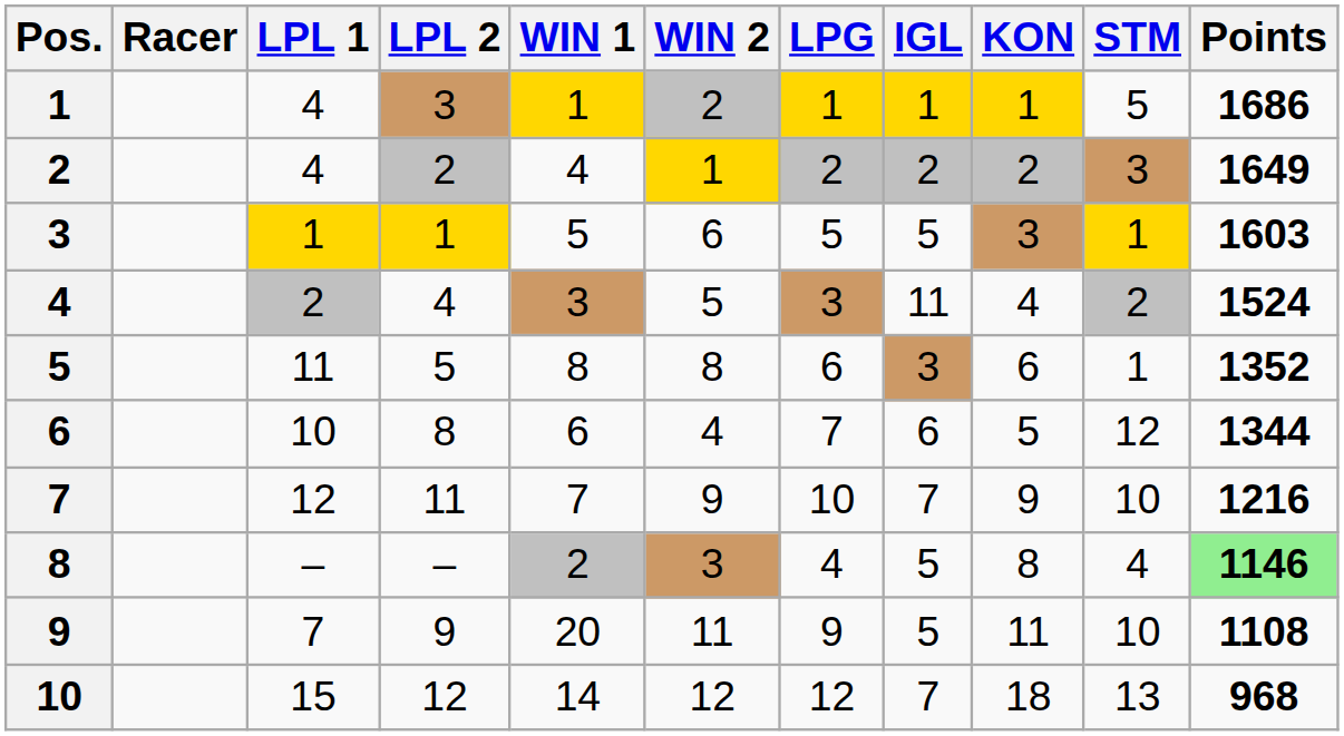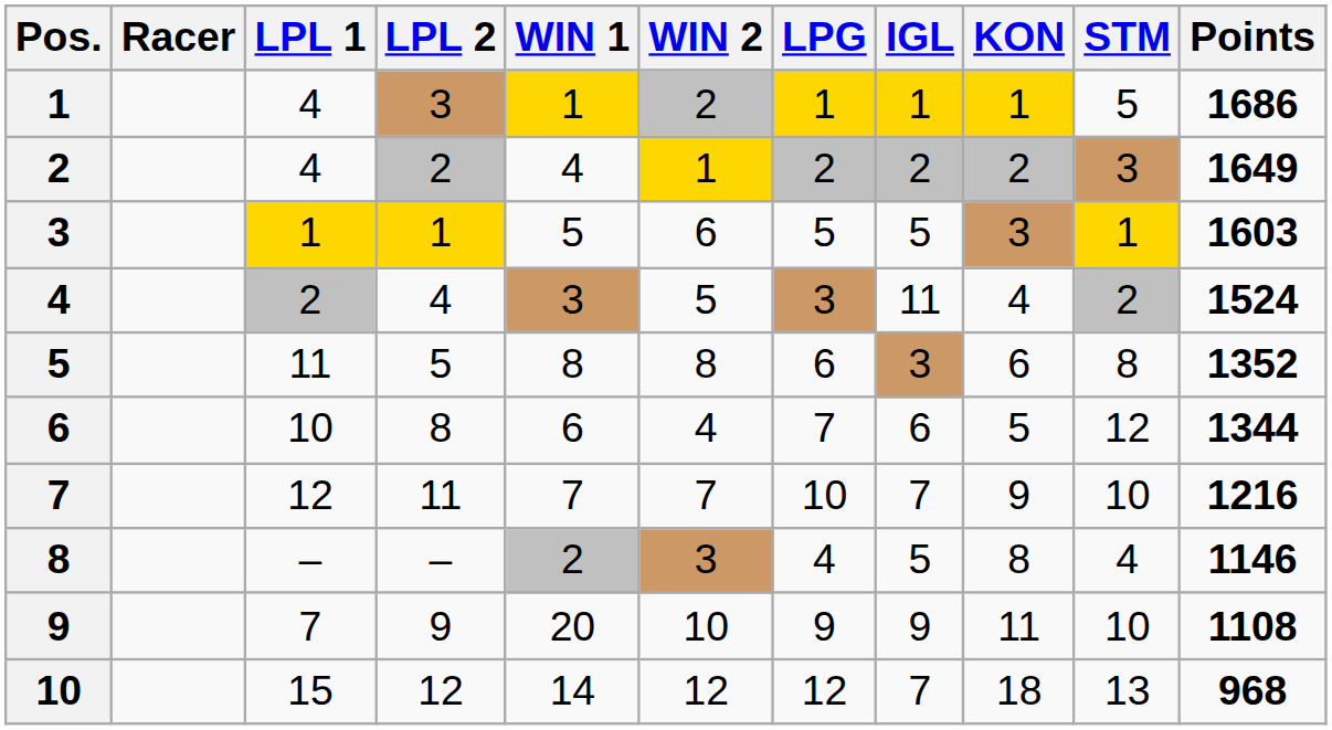 <table class="wikitable sortable plainrowheaders" style="text-align:center;">
 <tr>
 <th scope="col">Pos.</th>
 <th scope="col">Racer</th>
 <th scope="col"> <a href='#'>LPL</a> 1</th>
 <th scope="col"> <a href='#'>LPL</a> 2</th>
 <th scope="col"> <a href='#'>WIN</a> 1</th>
 <th scope="col"> <a href='#'>WIN</a> 2</th>
 <th scope="col"> <a href='#'>LPG</a></th>
 <th scope="col"> <a href='#'>IGL</a></th>
 <th scope="col"> <a href='#'>KON</a></th>
 <th scope="col"> <a href='#'>STM</a></th>
 <th style="width:45px;">Points</th>
 </tr>
 <tr>
 <th style="text-align:center;">1</th>
 <td align="left"></td>
 <td>4</td>
 <td style="background:#c96;">3</td>
 <td style="background:gold;">1</td>
 <td style="background:silver;">2</td>
 <td style="background:gold;">1</td>
 <td style="background:gold;">1</td>
 <td style="background:gold;">1</td>
 <td>5</td>
 <td><strong>1686</strong></td>
 </tr>
 <tr>
 <th style="text-align:center;">2</th>
 <td align="left"></td>
 <td>4</td>
 <td style="background:silver;">2</td>
 <td>4</td>
 <td style="background:gold;">1</td>
 <td style="background:silver;">2</td>
 <td style="background:silver;">2</td>
 <td style="background:silver;">2</td>
 <td style="background:#c96;">3</td>
 <td><strong>1649</strong></td>
 </tr>
 <tr>
 <th style="text-align:center;">3</th>
 <td align="left"></td>
 <td style="background:gold;">1</td>
 <td style="background:gold;">1</td>
 <td>5</td>
 <td>6</td>
 <td>5</td>
 <td>5</td>
 <td style="background:#c96;">3</td>
 <td style="background:gold;">1</td>
 <td><strong>1603</strong></td>
 </tr>
 <tr>
 <th style="text-align:center;">4</th>
 <td align="left"></td>
 <td style="background:silver;">2</td>
 <td>4</td>
 <td style="background:#c96;">3</td>
 <td>5</td>
 <td style="background:#c96;">3</td>
 <td>11</td>
 <td>4</td>
 <td style="background:silver;">2</td>
 <td><strong>1524</strong></td>
 </tr>
 <tr>
 <th style="text-align:center;">5</th>
 <td align="left"></td>
 <td>11</td>
 <td>5</td>
 <td>8</td>
 <td>8</td>
 <td>6</td>
 <td style="background:#c96;">3</td>
 <td>6</td>
-<td>1</td>
+<td>8</td>
 <td><strong>1352</strong></td>
 </tr>
 <tr>
 <th style="text-align:center;">6</th>
 <td align="left"></td>
 <td>10</td>
 <td>8</td>
 <td>6</td>
 <td>4</td>
 <td>7</td>
 <td>6</td>
 <td>5</td>
 <td>12</td>
 <td><strong>1344</strong></td>
 </tr>
 <tr>
 <th style="text-align:center;">7</th>
 <td align="left"></td>
 <td>12</td>
 <td>11</td>
 <td>7</td>
-<td>9</td>
+<td>7</td>
 <td>10</td>
 <td>7</td>
 <td>9</td>
 <td>10</td>
 <td><strong>1216</strong></td>
 </tr>
 <tr>
 <th style="text-align:center;">8</th>
 <td align="left"></td>
 <td>–</td>
 <td>–</td>
 <td style="background:silver;">2</td>
 <td style="background:#c96;">3</td>
 <td>4</td>
 <td>5</td>
 <td>8</td>
 <td>4</td>
-<td style="background: lightgreen;"><strong>1146</strong></td>
+<td><strong>1146</strong></td>
 </tr>
 <tr>
 <th style="text-align:center;">9</th>
 <td align="left"></td>
 <td>7</td>
 <td>9</td>
 <td>20</td>
-<td>11</td>
+<td>10</td>
 <td>9</td>
-<td>5</td>
+<td>9</td>
 <td>11</td>
 <td>10</td>
 <td><strong>1108</strong></td>
 </tr>
 <tr>
 <th style="text-align:center;">10</th>
 <td align="left"></td>
 <td>15</td>
 <td>12</td>
 <td>14</td>
 <td>12</td>
 <td>12</td>
 <td>7</td>
 <td>18</td>
 <td>13</td>
 <td><strong>968</strong></td>
 </tr>
 </table>
